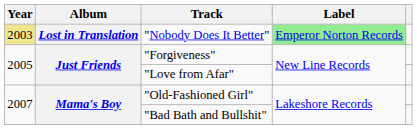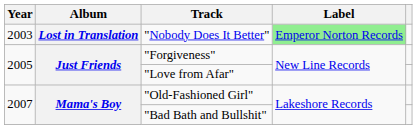 <table class="wikitable sortable plainrowheaders">
 <tr>
 <th scope="col">Year</th>
 <th scope="col">Album</th>
 <th scope="col">Track</th>
 <th scope="col">Label</th>
 <th scope="col" class="unsortable"></th>
 </tr>
 <tr>
-<td style="background: khaki; text-align:center;">2003</td>
+<td style="text-align:center;">2003</td>
 <th scope="row"><em><a href='#'>Lost in Translation</a></em></th>
 <td>"<a href='#'>Nobody Does It Better</a>"</td>
 <td style="background: lightgreen;"><a href='#'>Emperor Norton Records</a></td>
 <td></td>
 </tr>
 <tr>
 <td rowspan="2" style="text-align:center;">2005</td>
 <th rowspan="2" scope="row"><em><a href='#'>Just Friends</a></em></th>
 <td>"Forgiveness"</td>
 <td rowspan="2"><a href='#'>New Line Records</a></td>
 <td></td>
 </tr>
 <tr>
 <td>"Love from Afar"</td>
 <td></td>
 </tr>
 <tr>
 <td rowspan="2" style="text-align:center;">2007</td>
 <th rowspan="2" scope="row"><em><a href='#'>Mama's Boy</a></em></th>
 <td>"Old-Fashioned Girl"</td>
 <td rowspan="2"><a href='#'>Lakeshore Records</a></td>
 <td></td>
 </tr>
 <tr>
 <td>"Bad Bath and Bullshit"</td>
 <td></td>
 </tr>
 </table>
